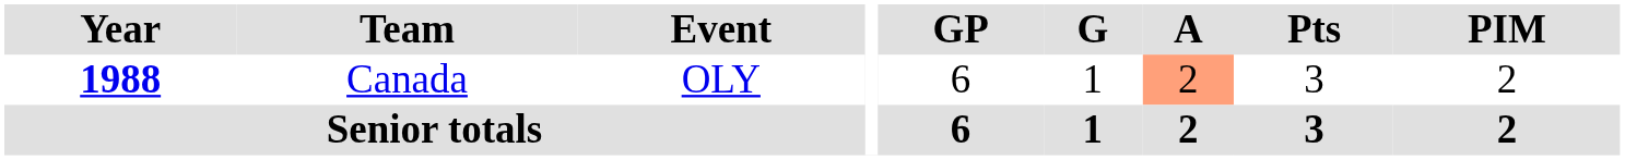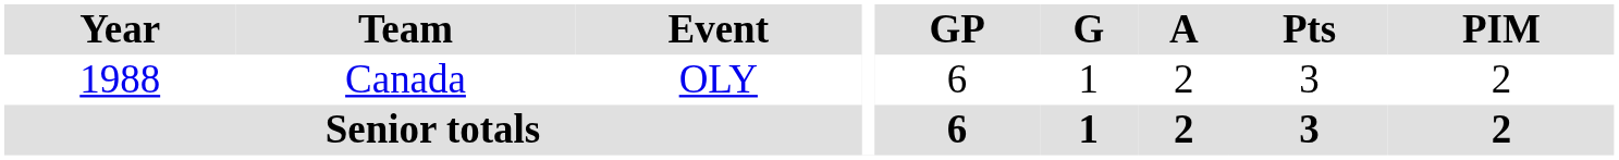 <table border="0" cellpadding="1" cellspacing="0" ID="Table3" style="text-align:center; width:40em">
 <tr bgcolor="#e0e0e0">
 <th>Year</th>
 <th>Team</th>
 <th>Event</th>
 <th rowspan="102" bgcolor="#ffffff"></th>
 <th>GP</th>
 <th>G</th>
 <th>A</th>
 <th>Pts</th>
 <th>PIM</th>
 </tr>
 <tr>
-<td><strong><a href='#'>1988</a></strong></td>
+<td><a href='#'>1988</a></td>
 <td><a href='#'>Canada</a></td>
 <td><a href='#'>OLY</a></td>
 <td>6</td>
 <td>1</td>
-<td style="background: lightsalmon;">2</td>
+<td>2</td>
 <td>3</td>
 <td>2</td>
 </tr>
 <tr bgcolor="#e0e0e0">
 <th colspan="3">Senior totals</th>
 <th>6</th>
 <th>1</th>
 <th>2</th>
 <th>3</th>
 <th>2</th>
 </tr>
 </table>
